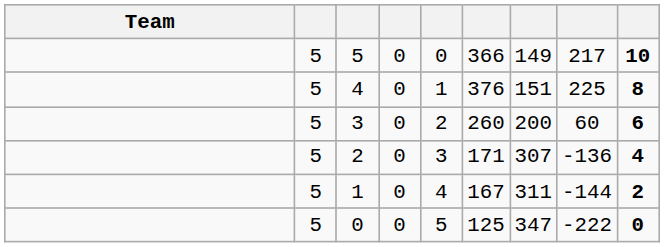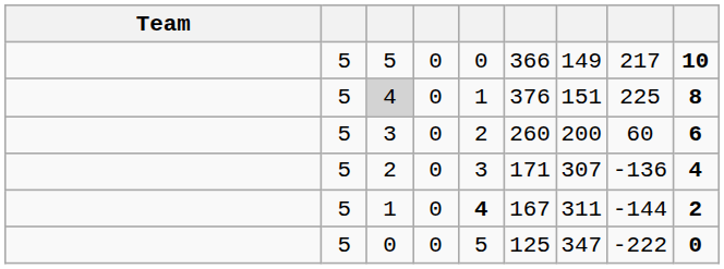 <table class=wikitable style="text-align:center">
 <tr>
 <th width=175>Team</th>
 <th width=20 abbr=Played></th>
 <th width=20 abbr=Won></th>
 <th width=20 abbr=Drawn></th>
 <th width=20 abbr=Lost></th>
 <th width=20 abbr=Goal For></th>
 <th width=20 abbr=Goal Against></th>
 <th width=20 abbr=Goal Difference></th>
 <th width=20 abbr=Points></th>
 </tr>
 <tr>
 <td style="text-align:left;"></td>
 <td>5</td>
 <td>5</td>
 <td>0</td>
 <td>0</td>
 <td>366</td>
 <td>149</td>
 <td>217</td>
 <td><strong>10</strong></td>
 </tr>
 <tr>
 <td style="text-align:left;"></td>
 <td>5</td>
-<td>4</td>
+<td style="background: lightgrey;">4</td>
 <td>0</td>
 <td>1</td>
 <td>376</td>
 <td>151</td>
 <td>225</td>
 <td><strong>8</strong></td>
 </tr>
 <tr>
 <td style="text-align:left;"></td>
 <td>5</td>
 <td>3</td>
 <td>0</td>
 <td>2</td>
 <td>260</td>
 <td>200</td>
 <td>60</td>
 <td><strong>6</strong></td>
 </tr>
 <tr>
 <td style="text-align:left;"></td>
 <td>5</td>
 <td>2</td>
 <td>0</td>
 <td>3</td>
 <td>171</td>
 <td>307</td>
 <td>-136</td>
 <td><strong>4</strong></td>
 </tr>
 <tr>
 <td style="text-align:left;"></td>
 <td>5</td>
 <td>1</td>
 <td>0</td>
-<td>4</td>
+<td><strong>4</strong></td>
 <td>167</td>
 <td>311</td>
 <td>-144</td>
 <td><strong>2</strong></td>
 </tr>
 <tr>
 <td style="text-align:left;"></td>
 <td>5</td>
 <td>0</td>
 <td>0</td>
 <td>5</td>
 <td>125</td>
 <td>347</td>
 <td>-222</td>
 <td><strong>0</strong></td>
 </tr>
 </table>
